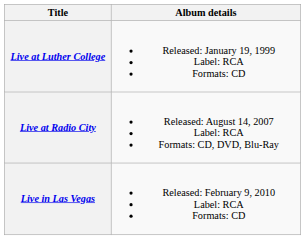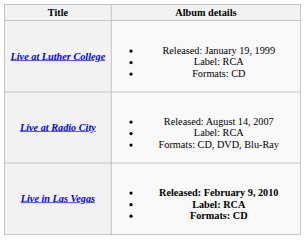 <table class="wikitable plainrowheaders" style="text-align:center;">
 <tr>
 <th scope="col" style="width:10em;">Title</th>
 <th scope="col" style="width:18em;">Album details</th>
 </tr>
 <tr>
 <th scope="row"><em><a href='#'>Live at Luther College</a></em></th>
 <td><br><ul><li>Released: January 19, 1999</li><li>Label: RCA</li><li>Formats: CD</li></ul></td>
 </tr>
 <tr>
 <th scope="row"><em><a href='#'>Live at Radio City</a></em></th>
 <td><br><ul><li>Released: August 14, 2007</li><li>Label: RCA</li><li>Formats: CD, DVD, Blu-Ray</li></ul></td>
 </tr>
 <tr>
 <th scope="row"><em><a href='#'>Live in Las Vegas</a></em></th>
-<td><br><ul><li>Released: February 9, 2010</li><li>Label: RCA</li><li>Formats: CD</li></ul></td>
+<td><strong><br><ul><li>Released: February 9, 2010</li><li>Label: RCA</li><li>Formats: CD</li></ul></strong></td>
 </tr>
 </table>
